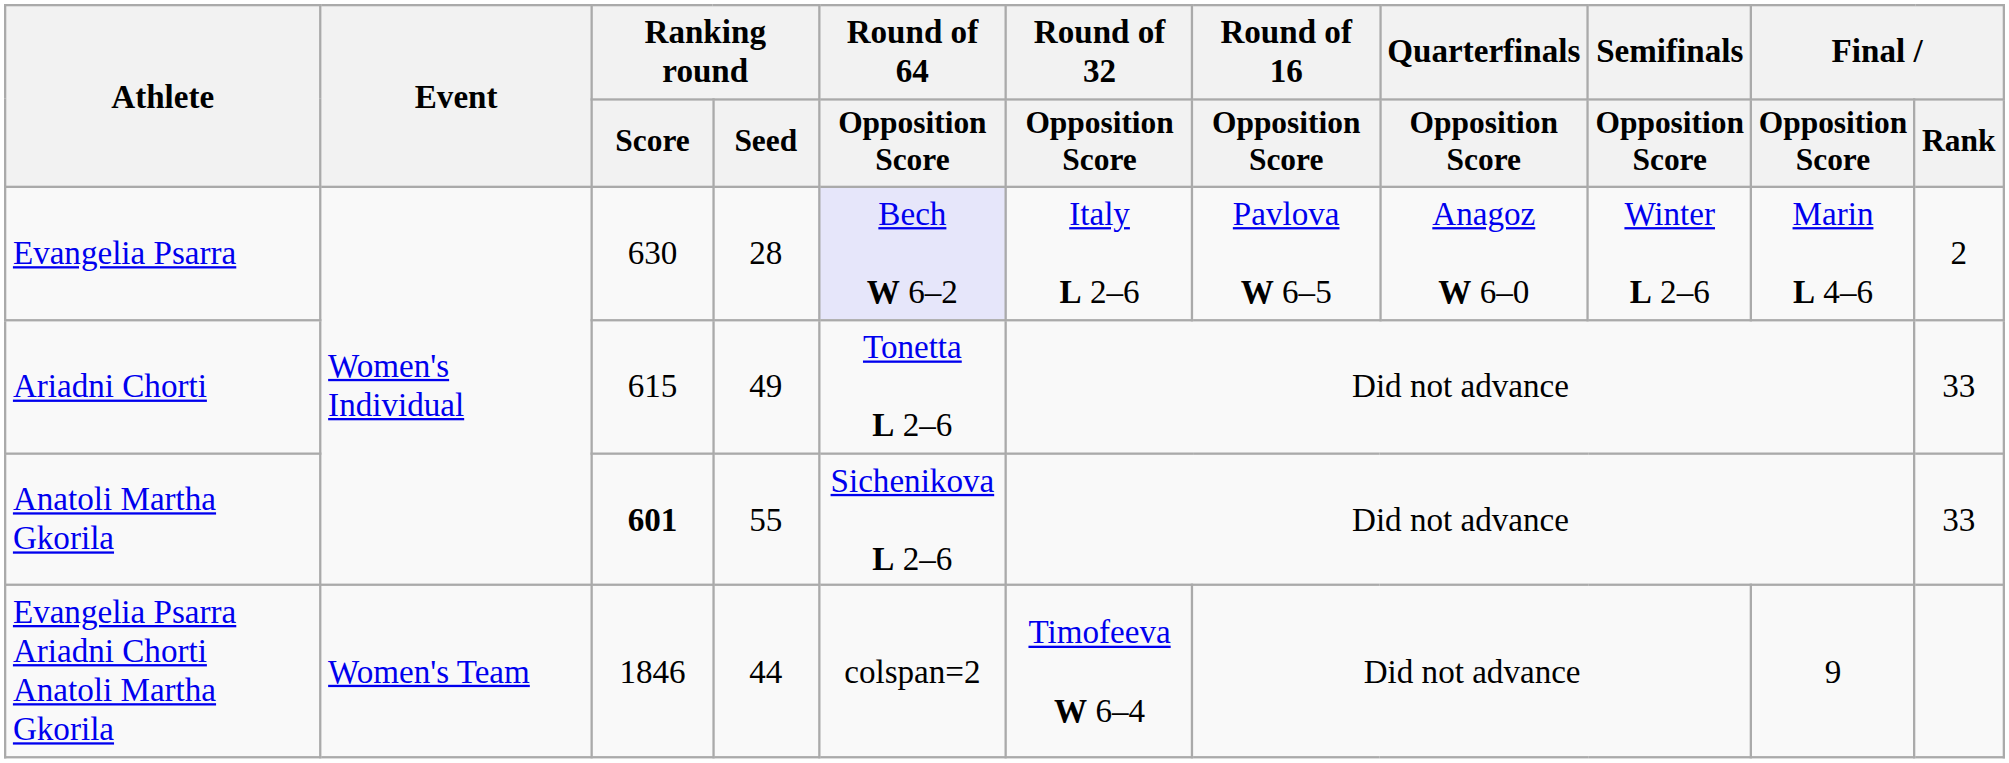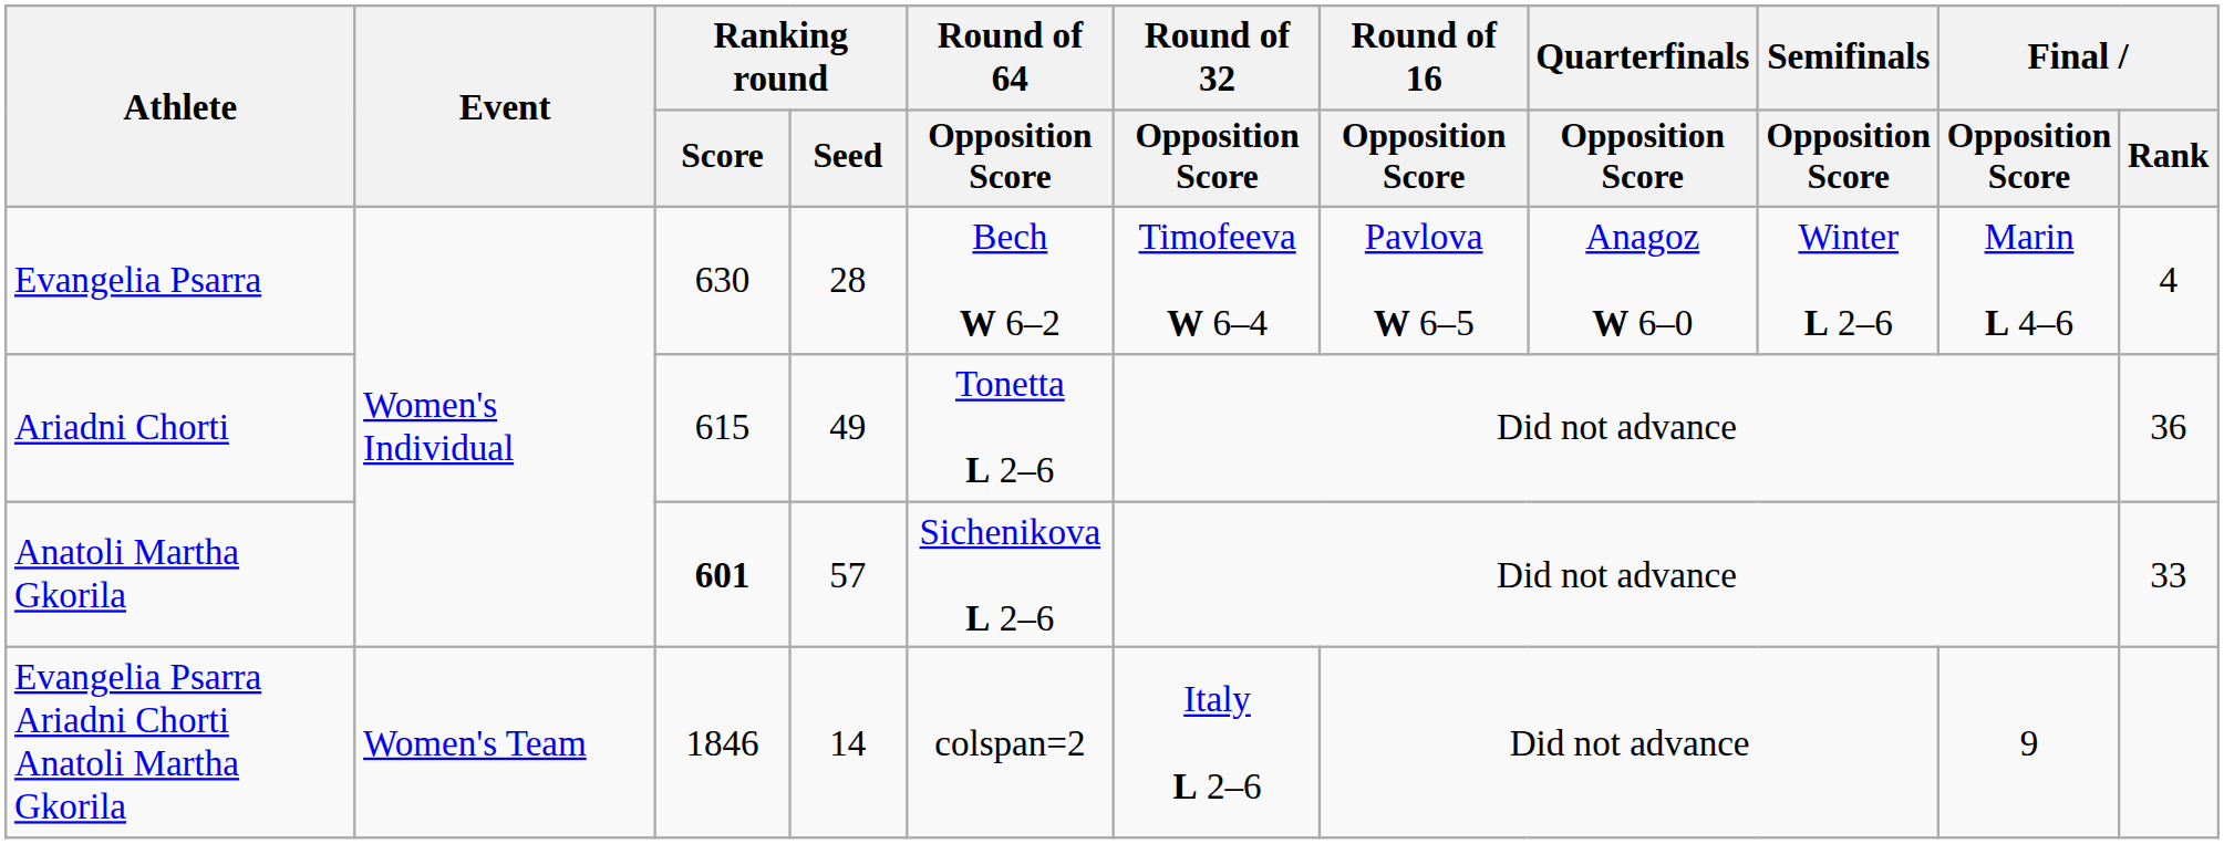 <table class="wikitable" style="font-size:90%">
 <tr>
 <th rowspan=2>Athlete</th>
 <th rowspan=2>Event</th>
 <th colspan=2>Ranking round</th>
 <th>Round of 64</th>
 <th>Round of 32</th>
 <th>Round of 16</th>
 <th>Quarterfinals</th>
 <th>Semifinals</th>
 <th colspan=2>Final / </th>
 </tr>
 <tr style="font-size:95%">
 <th>Score</th>
 <th>Seed</th>
 <th>Opposition<br>Score</th>
 <th>Opposition<br>Score</th>
 <th>Opposition<br>Score</th>
 <th>Opposition<br>Score</th>
 <th>Opposition<br>Score</th>
 <th>Opposition<br>Score</th>
 <th>Rank</th>
 </tr>
 <tr align=center>
 <td align=left><a href='#'>Evangelia Psarra</a></td>
 <td style="text-align:left;" rowspan="3"><a href='#'>Women's Individual</a></td>
 <td>630</td>
 <td>28</td>
-<td style="background: lavender;"><a href='#'>Bech</a><br><br><strong>W</strong> 6–2</td>
-<td><a href='#'>Italy</a><br><br><strong>L</strong> 2–6</td>
+<td><a href='#'>Bech</a><br><br><strong>W</strong> 6–2</td>
+<td><a href='#'>Timofeeva</a><br><br><strong>W</strong> 6–4</td>
 <td><a href='#'>Pavlova</a><br><br><strong>W</strong> 6–5</td>
 <td><a href='#'>Anagoz</a><br><br><strong>W</strong> 6–0</td>
 <td><a href='#'>Winter</a><br><br><strong>L</strong> 2–6</td>
 <td><a href='#'>Marin</a><br><br><strong>L</strong> 4–6</td>
-<td>2</td>
+<td>4</td>
 </tr>
 <tr align=center>
 <td align=left><a href='#'>Ariadni Chorti</a></td>
 <td>615</td>
 <td>49</td>
 <td><a href='#'>Tonetta</a><br><br><strong>L</strong> 2–6</td>
 <td colspan=5>Did not advance</td>
-<td>33</td>
+<td>36</td>
 </tr>
 <tr align=center>
 <td align=left><a href='#'>Anatoli Martha Gkorila</a></td>
 <td><strong>601</strong></td>
-<td>55</td>
+<td>57</td>
 <td><a href='#'>Sichenikova</a><br><br><strong>L</strong> 2–6</td>
 <td colspan=5>Did not advance</td>
 <td>33</td>
 </tr>
 <tr align=center>
 <td align=left><a href='#'>Evangelia Psarra</a><br><a href='#'>Ariadni Chorti</a><br><a href='#'>Anatoli Martha Gkorila</a></td>
 <td align=left><a href='#'>Women's Team</a></td>
 <td>1846</td>
-<td>44</td>
+<td>14</td>
 <td>colspan=2 </td>
-<td><a href='#'>Timofeeva</a><br><br><strong>W</strong> 6–4</td>
+<td><a href='#'>Italy</a><br><br><strong>L</strong> 2–6</td>
 <td colspan=3>Did not advance</td>
 <td>9</td>
 </tr>
 </table>
